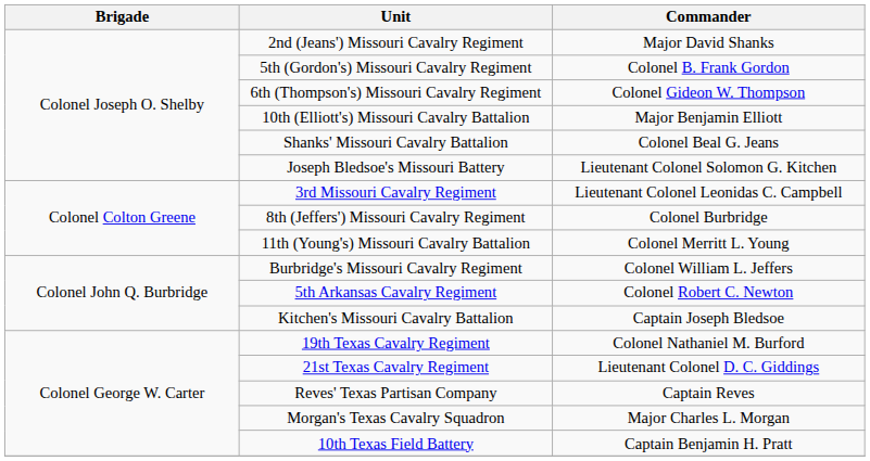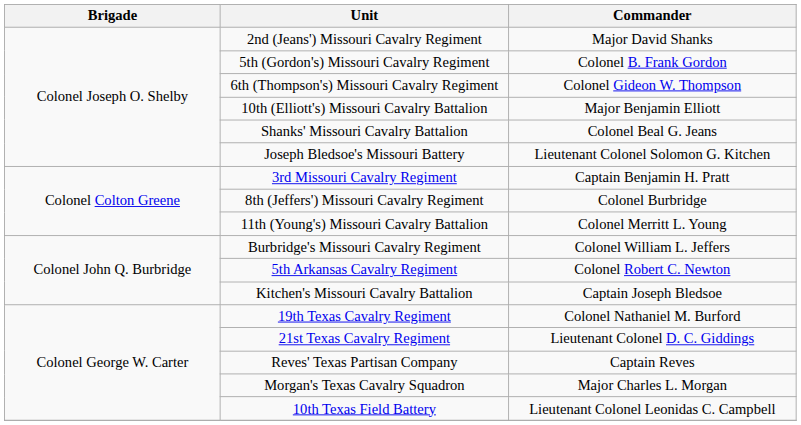 <table class="wikitable" style="text-align:center; width:55%;">
 <tr>
 <th width=15%>Brigade</th>
 <th width=20%>Unit</th>
 <th width=20%>Commander</th>
 </tr>
 <tr>
 <td rowspan=6>Colonel Joseph O. Shelby</td>
 <td>2nd (Jeans') Missouri Cavalry Regiment</td>
 <td>Major David Shanks</td>
 </tr>
 <tr>
 <td>5th (Gordon's) Missouri Cavalry Regiment</td>
 <td>Colonel <a href='#'>B. Frank Gordon</a></td>
 </tr>
 <tr>
 <td>6th (Thompson's) Missouri Cavalry Regiment</td>
 <td>Colonel <a href='#'>Gideon W. Thompson</a></td>
 </tr>
 <tr>
 <td>10th (Elliott's) Missouri Cavalry Battalion</td>
 <td>Major Benjamin Elliott</td>
 </tr>
 <tr>
 <td>Shanks' Missouri Cavalry Battalion</td>
 <td>Colonel Beal G. Jeans</td>
 </tr>
 <tr>
 <td>Joseph Bledsoe's Missouri Battery</td>
 <td>Lieutenant Colonel Solomon G. Kitchen</td>
 </tr>
 <tr>
 <td rowspan=3>Colonel <a href='#'>Colton Greene</a></td>
 <td><a href='#'>3rd Missouri Cavalry Regiment</a></td>
-<td>Lieutenant Colonel Leonidas C. Campbell</td>
+<td>Captain Benjamin H. Pratt</td>
 </tr>
 <tr>
 <td>8th (Jeffers') Missouri Cavalry Regiment</td>
 <td>Colonel Burbridge</td>
 </tr>
 <tr>
 <td>11th (Young's) Missouri Cavalry Battalion</td>
 <td>Colonel Merritt L. Young</td>
 </tr>
 <tr>
 <td rowspan=3>Colonel John Q. Burbridge</td>
 <td>Burbridge's Missouri Cavalry Regiment</td>
 <td>Colonel William L. Jeffers</td>
 </tr>
 <tr>
 <td><a href='#'>5th Arkansas Cavalry Regiment</a></td>
 <td>Colonel <a href='#'>Robert C. Newton</a></td>
 </tr>
 <tr>
 <td>Kitchen's Missouri Cavalry Battalion</td>
 <td>Captain Joseph Bledsoe</td>
 </tr>
 <tr>
 <td rowspan=5>Colonel George W. Carter</td>
 <td><a href='#'>19th Texas Cavalry Regiment</a></td>
 <td>Colonel Nathaniel M. Burford</td>
 </tr>
 <tr>
 <td><a href='#'>21st Texas Cavalry Regiment</a></td>
 <td>Lieutenant Colonel <a href='#'>D. C. Giddings</a></td>
 </tr>
 <tr>
 <td>Reves' Texas Partisan Company</td>
 <td>Captain Reves</td>
 </tr>
 <tr>
 <td>Morgan's Texas Cavalry Squadron</td>
 <td>Major Charles L. Morgan</td>
 </tr>
 <tr>
 <td><a href='#'>10th Texas Field Battery</a></td>
-<td>Captain Benjamin H. Pratt</td>
+<td>Lieutenant Colonel Leonidas C. Campbell</td>
 </tr>
 <tr>
 </tr>
 </table>
